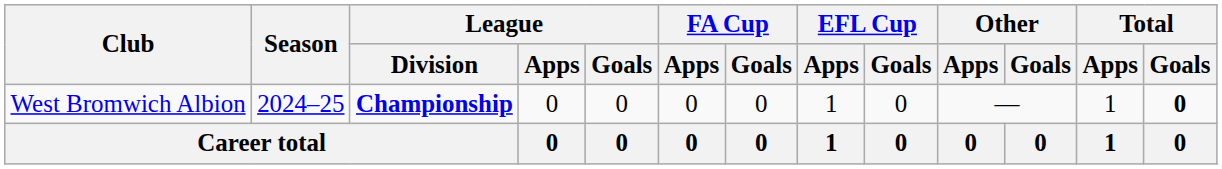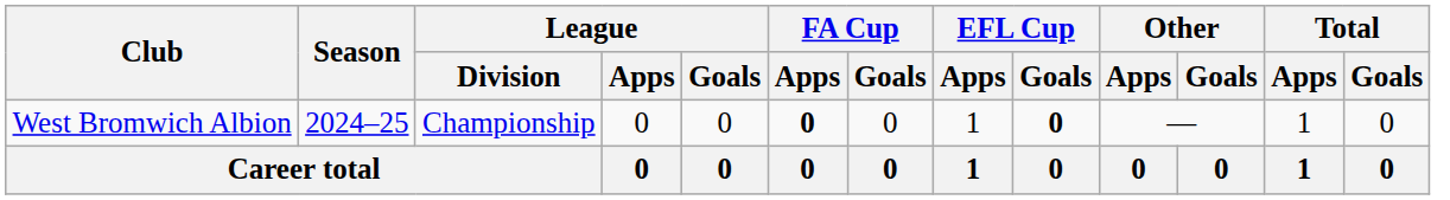 <table class=wikitable style=text-align:center>
 <tr>
 <th rowspan="2">Club</th>
 <th rowspan="2">Season</th>
 <th colspan="3">League</th>
 <th colspan="2"><a href='#'>FA Cup</a></th>
 <th colspan="2"><a href='#'>EFL Cup</a></th>
 <th colspan="2">Other</th>
 <th colspan="2">Total</th>
 </tr>
 <tr>
 <th>Division</th>
 <th>Apps</th>
 <th>Goals</th>
 <th>Apps</th>
 <th>Goals</th>
 <th>Apps</th>
 <th>Goals</th>
 <th>Apps</th>
 <th>Goals</th>
 <th>Apps</th>
 <th>Goals</th>
 </tr>
 <tr>
 <td><a href='#'>West Bromwich Albion</a></td>
 <td><a href='#'>2024–25</a></td>
-<td><strong><a href='#'>Championship</a></strong></td>
+<td><a href='#'>Championship</a></td>
 <td>0</td>
 <td>0</td>
-<td>0</td>
+<td><strong>0</strong></td>
 <td>0</td>
 <td>1</td>
-<td>0</td>
+<td><strong>0</strong></td>
 <td colspan="2">—</td>
 <td>1</td>
-<td><strong>0</strong></td>
+<td>0</td>
 </tr>
 <tr>
 <th colspan="3">Career total</th>
 <th>0</th>
 <th>0</th>
 <th>0</th>
 <th>0</th>
 <th>1</th>
 <th>0</th>
 <th>0</th>
 <th>0</th>
 <th>1</th>
 <th>0</th>
 </tr>
 </table>
